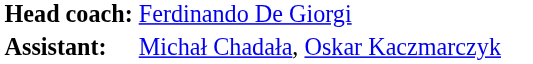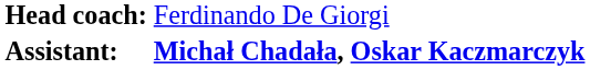 <table>
 <tr>
 <td><strong>Head coach:</strong></td>
 <td><a href='#'>Ferdinando De Giorgi</a></td>
 </tr>
 <tr>
 <td><strong>Assistant:</strong></td>
-<td><a href='#'>Michał Chadała</a>, <a href='#'>Oskar Kaczmarczyk</a></td>
+<td><strong><a href='#'>Michał Chadała</a>, <a href='#'>Oskar Kaczmarczyk</a></strong></td>
 </tr>
 <tr>
 </tr>
 </table>
